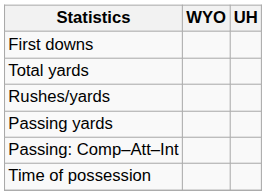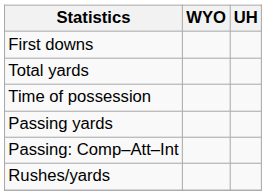 <table class="wikitable" style="float: left;">
 <tr>
 <th>Statistics</th>
 <th>WYO</th>
 <th>UH</th>
 </tr>
 <tr>
 <td>First downs</td>
 <td></td>
 <td></td>
 </tr>
 <tr>
 <td>Total yards</td>
 <td></td>
 <td></td>
 </tr>
 <tr>
-<td>Rushes/yards</td>
+<td>Time of possession</td>
 <td></td>
 <td></td>
 </tr>
 <tr>
 <td>Passing yards</td>
 <td></td>
 <td></td>
 </tr>
 <tr>
 <td>Passing: Comp–Att–Int</td>
 <td></td>
 <td></td>
 </tr>
 <tr>
-<td>Time of possession</td>
+<td>Rushes/yards</td>
 <td></td>
 <td></td>
 </tr>
 <tr>
 </tr>
 </table>
